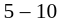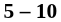 <table style="text-align:center">
 <tr>
 <th width=200></th>
 <th width=100></th>
 <th width=200></th>
 </tr>
 <tr>
 <td align=right><strong></strong></td>
-<td>5 – 10</td>
+<td><strong>5 – 10</strong></td>
 <td align=left></td>
 </tr>
 </table>
